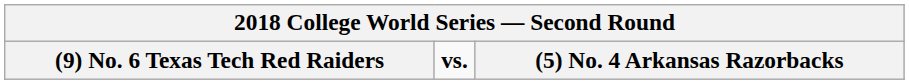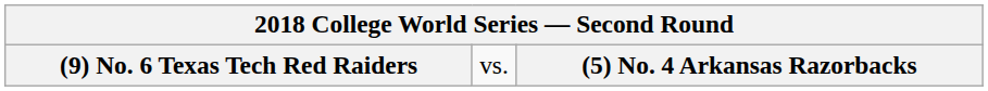 <table class="wikitable">
 <tr>
 <th style="width: 595px;" colspan=3>2018 College World Series — Second Round</th>
 </tr>
 <tr>
 <th style="width: 287px; ">(9) No. 6 Texas Tech Red Raiders</th>
-<td style="width: 20px; text-align:center"><strong>vs.</strong></td>
+<td style="width: 20px; text-align:center">vs.</td>
 <th style="width: 287px; ">(5) No. 4 Arkansas Razorbacks</th>
 </tr>
 </table>
